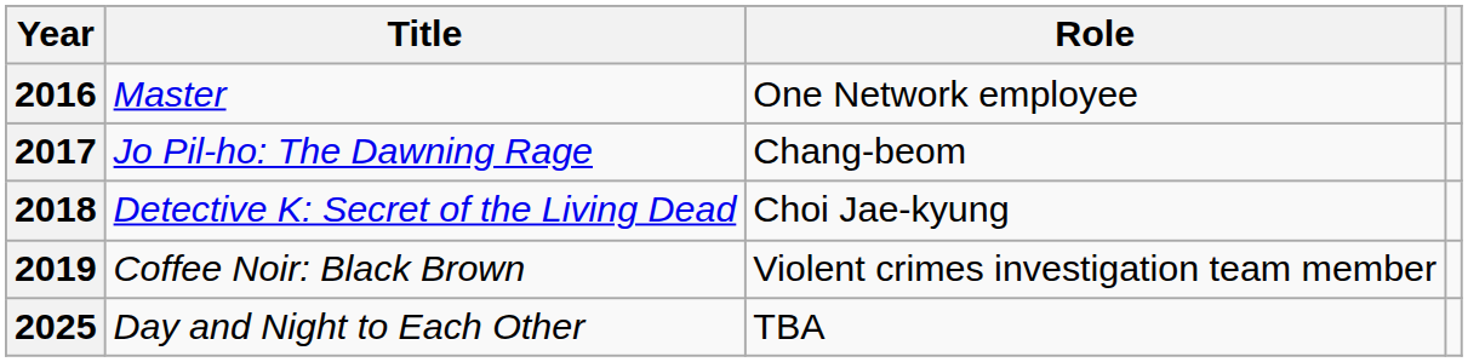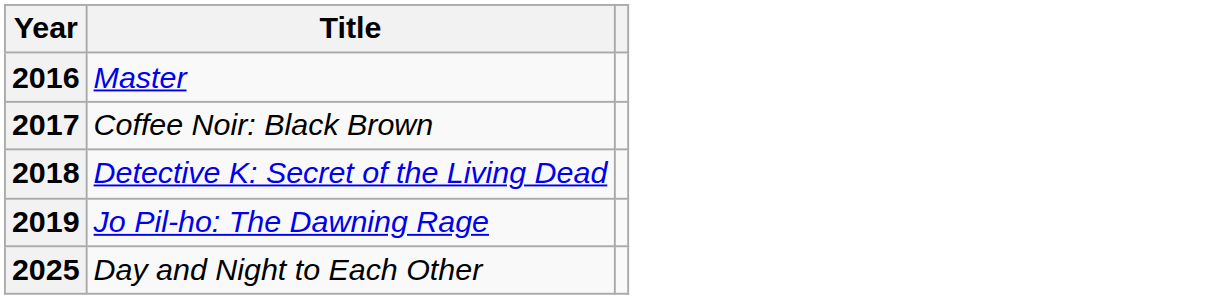 <table class="wikitable plainrowheaders sortable">
 <tr>
 <th scope="col">Year</th>
 <th scope="col">Title</th>
-<th scope="col">Role</th>
 <th scope="col" class="unsortable"></th>
 </tr>
 <tr>
 <th scope="row">2016</th>
 <td><em><a href='#'>Master</a></em></td>
-<td>One Network employee</td>
 <td style="test-align:center"></td>
 </tr>
 <tr>
 <th scope="row">2017</th>
-<td><em><a href='#'>Jo Pil-ho: The Dawning Rage</a></em></td>
-<td>Chang-beom</td>
+<td><em>Coffee Noir: Black Brown</em></td>
 <td style="test-align:center"></td>
 </tr>
 <tr>
 <th scope="row">2018</th>
 <td><em><a href='#'>Detective K: Secret of the Living Dead</a></em></td>
-<td>Choi Jae-kyung</td>
 <td style="test-align:center"></td>
 </tr>
 <tr>
 <th scope="row">2019</th>
-<td><em>Coffee Noir: Black Brown</em></td>
-<td>Violent crimes investigation team member</td>
+<td><em><a href='#'>Jo Pil-ho: The Dawning Rage</a></em></td>
 <td style="test-align:center"></td>
 </tr>
 <tr>
 <th scope="row">2025</th>
 <td><em>Day and Night to Each Other</em></td>
-<td>TBA</td>
 <td style="test-align:center"></td>
 </tr>
 </table>
